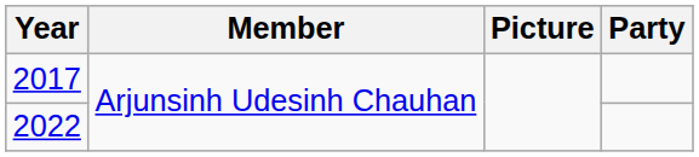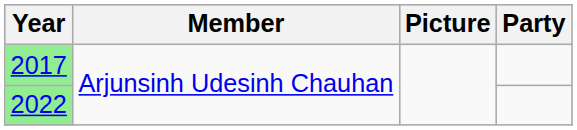 <table class="wikitable sortable">
 <tr>
 <th>Year</th>
 <th>Member</th>
 <th>Picture</th>
 <th colspan="2">Party</th>
 </tr>
 <tr>
-<td><a href='#'>2017</a></td>
+<td style="background: lightgreen;"><a href='#'>2017</a></td>
 <td rowspan="2"><a href='#'>Arjunsinh Udesinh Chauhan</a></td>
 <td rowspan="2"></td>
 <td></td>
 </tr>
 <tr>
-<td><a href='#'>2022</a></td>
+<td style="background: lightgreen;"><a href='#'>2022</a></td>
 </tr>
 </table>
